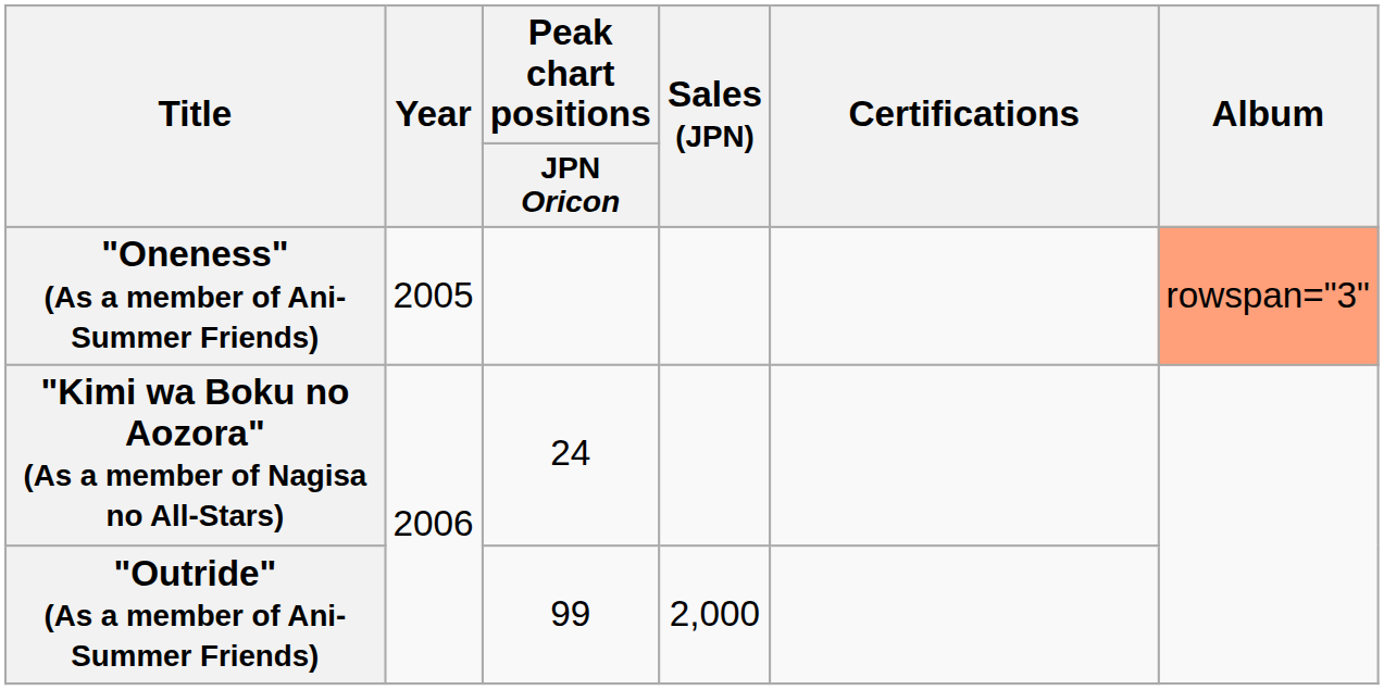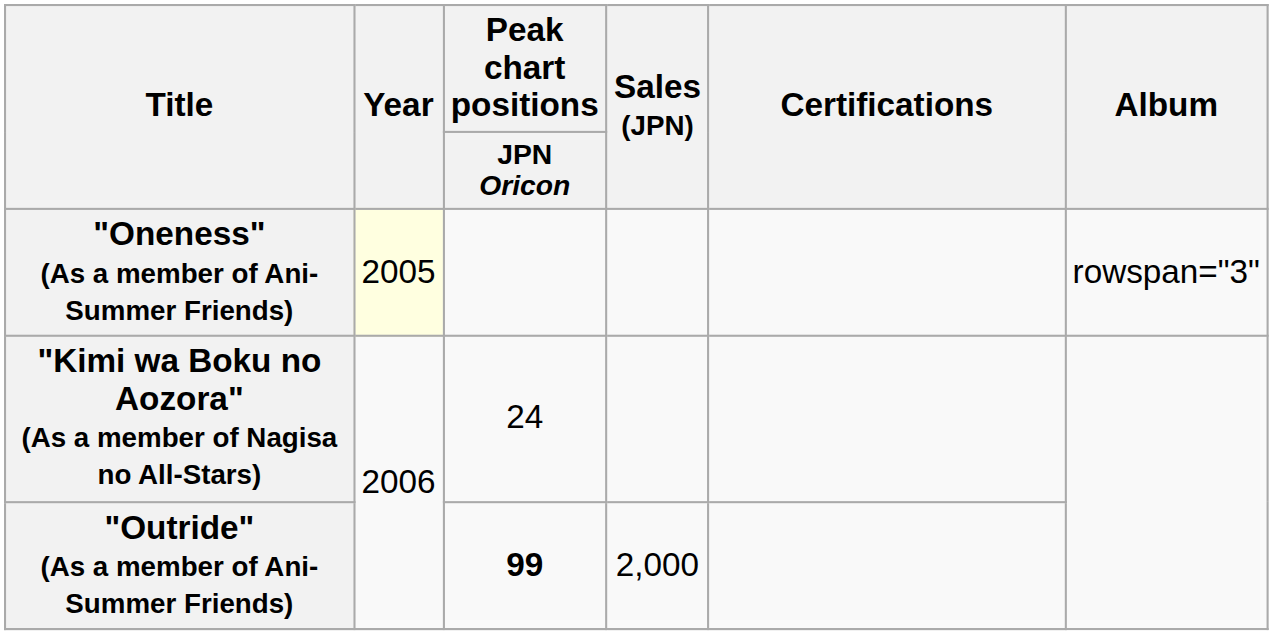 <table class="wikitable plainrowheaders" style="text-align:center;">
 <tr>
 <th scope="col" rowspan="2" style="width:16em;">Title</th>
 <th scope="col" rowspan="2">Year</th>
 <th scope="col" colspan="1">Peak chart positions</th>
 <th scope="col" rowspan="2">Sales<br><small>(JPN)</small></th>
 <th scope="col" rowspan="2" style="width:15em;">Certifications</th>
 <th scope="col" rowspan="2">Album</th>
 </tr>
 <tr>
 <th style="width:3em;font-size:85%">JPN <em>Oricon</em><br></th>
 </tr>
 <tr>
 <th scope="row">"Oneness"<br><small>(As a member of Ani-Summer Friends)</small></th>
-<td>2005</td>
+<td style="background: lightyellow;">2005</td>
 <td></td>
 <td></td>
 <td></td>
-<td style="background: lightsalmon;">rowspan="3" </td>
+<td>rowspan="3" </td>
 </tr>
 <tr>
 <th scope="row">"Kimi wa Boku no Aozora"<br><small>(As a member of Nagisa no All-Stars)</small></th>
 <td rowspan="2">2006</td>
 <td>24</td>
 <td></td>
 <td></td>
 </tr>
 <tr>
 <th scope="row">"Outride"<br><small>(As a member of Ani-Summer Friends)</small></th>
-<td>99</td>
+<td><strong>99</strong></td>
 <td>2,000</td>
 <td></td>
 </tr>
 <tr>
 </tr>
 </table>
